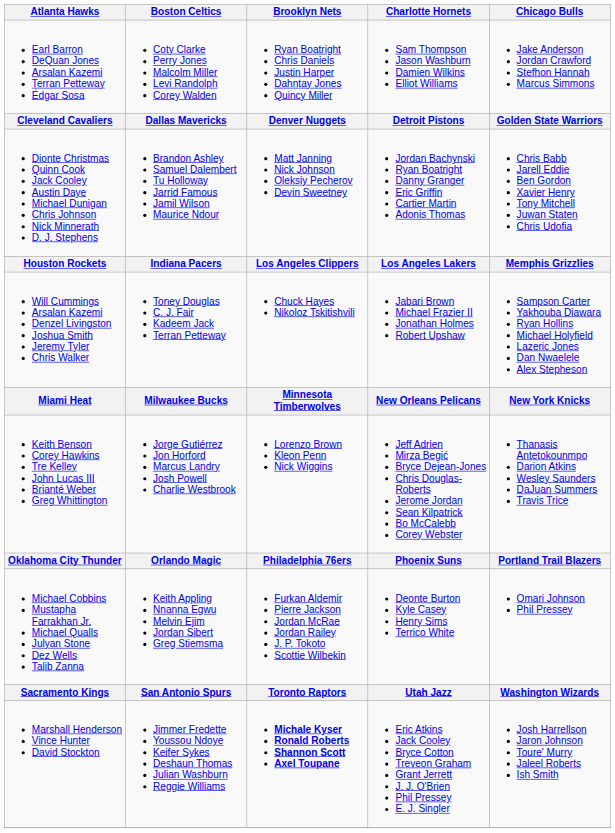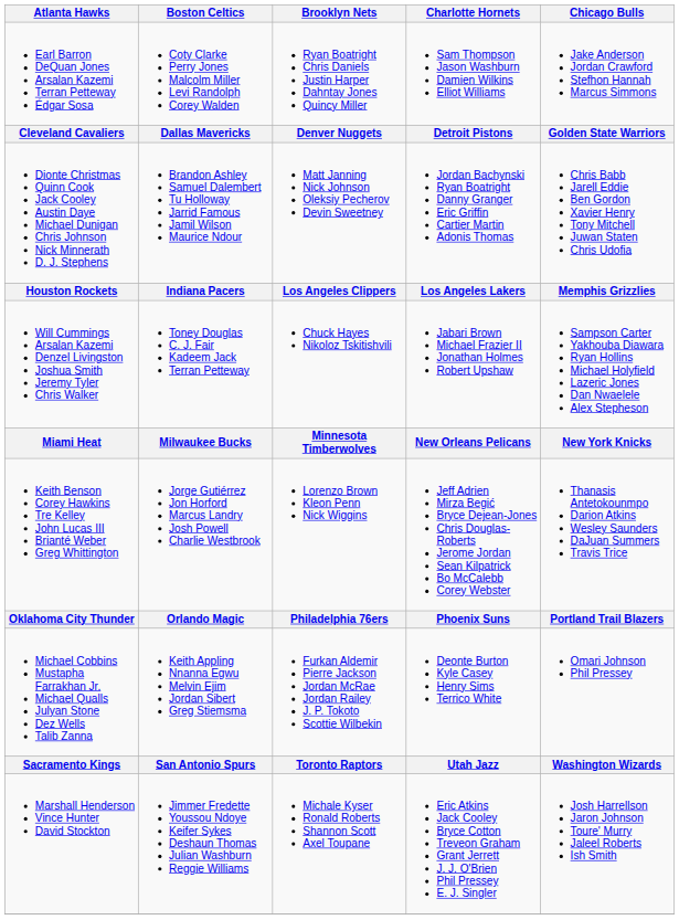 <table class="wikitable">
 <tr>
 <th style="width:185px"><a href='#'>Atlanta Hawks</a></th>
 <th style="width:185px"><a href='#'>Boston Celtics</a></th>
 <th style="width:185px"><a href='#'>Brooklyn Nets</a></th>
 <th style="width:185px"><a href='#'>Charlotte Hornets</a></th>
 <th style="width:185px"><a href='#'>Chicago Bulls</a></th>
 </tr>
 <tr>
 <td valign=top><br><ul><li><a href='#'>Earl Barron</a></li><li><a href='#'>DeQuan Jones</a></li><li><a href='#'>Arsalan Kazemi</a></li><li><a href='#'>Terran Petteway</a></li><li><a href='#'>Édgar Sosa</a></li></ul></td>
 <td valign=top><br><ul><li><a href='#'>Coty Clarke</a></li><li><a href='#'>Perry Jones</a></li><li><a href='#'>Malcolm Miller</a></li><li><a href='#'>Levi Randolph</a></li><li><a href='#'>Corey Walden</a></li></ul></td>
 <td valign=top><br><ul><li><a href='#'>Ryan Boatright</a></li><li><a href='#'>Chris Daniels</a></li><li><a href='#'>Justin Harper</a></li><li><a href='#'>Dahntay Jones</a></li><li><a href='#'>Quincy Miller</a></li></ul></td>
 <td valign=top><br><ul><li><a href='#'>Sam Thompson</a></li><li><a href='#'>Jason Washburn</a></li><li><a href='#'>Damien Wilkins</a></li><li><a href='#'>Elliot Williams</a></li></ul></td>
 <td valign=top><br><ul><li><a href='#'>Jake Anderson</a></li><li><a href='#'>Jordan Crawford</a></li><li><a href='#'>Stefhon Hannah</a></li><li><a href='#'>Marcus Simmons</a></li></ul></td>
 </tr>
 <tr>
 <th style="width:150px"><a href='#'>Cleveland Cavaliers</a></th>
 <th style="width:150px"><a href='#'>Dallas Mavericks</a></th>
 <th style="width:160px"><a href='#'>Denver Nuggets</a></th>
 <th style="width:150px"><a href='#'>Detroit Pistons</a></th>
 <th style="width:150px"><a href='#'>Golden State Warriors</a></th>
 </tr>
 <tr>
 <td valign=top><br><ul><li><a href='#'>Dionte Christmas</a></li><li><a href='#'>Quinn Cook</a></li><li><a href='#'>Jack Cooley</a></li><li><a href='#'>Austin Daye</a></li><li><a href='#'>Michael Dunigan</a></li><li><a href='#'>Chris Johnson</a></li><li><a href='#'>Nick Minnerath</a></li><li><a href='#'>D. J. Stephens</a></li></ul></td>
 <td valign=top><br><ul><li><a href='#'>Brandon Ashley</a></li><li><a href='#'>Samuel Dalembert</a></li><li><a href='#'>Tu Holloway</a></li><li><a href='#'>Jarrid Famous</a></li><li><a href='#'>Jamil Wilson</a></li><li><a href='#'>Maurice Ndour</a></li></ul></td>
 <td valign=top><br><ul><li><a href='#'>Matt Janning</a></li><li><a href='#'>Nick Johnson</a></li><li><a href='#'>Oleksiy Pecherov</a></li><li><a href='#'>Devin Sweetney</a></li></ul></td>
 <td valign=top><br><ul><li><a href='#'>Jordan Bachynski</a></li><li><a href='#'>Ryan Boatright</a></li><li><a href='#'>Danny Granger</a></li><li><a href='#'>Eric Griffin</a></li><li><a href='#'>Cartier Martin</a></li><li><a href='#'>Adonis Thomas</a></li></ul></td>
 <td valign=top><br><ul><li><a href='#'>Chris Babb</a></li><li><a href='#'>Jarell Eddie</a></li><li><a href='#'>Ben Gordon</a></li><li><a href='#'>Xavier Henry</a></li><li><a href='#'>Tony Mitchell</a></li><li><a href='#'>Juwan Staten</a></li><li><a href='#'>Chris Udofia</a></li></ul></td>
 </tr>
 <tr>
 <th style="width:150px"><a href='#'>Houston Rockets</a></th>
 <th style="width:150px"><a href='#'>Indiana Pacers</a></th>
 <th style="width:160px"><a href='#'>Los Angeles Clippers</a></th>
 <th style="width:150px"><a href='#'>Los Angeles Lakers</a></th>
 <th style="width:150px"><a href='#'>Memphis Grizzlies</a></th>
 </tr>
 <tr>
 <td valign=top><br><ul><li><a href='#'>Will Cummings</a></li><li><a href='#'>Arsalan Kazemi</a></li><li><a href='#'>Denzel Livingston</a></li><li><a href='#'>Joshua Smith</a></li><li><a href='#'>Jeremy Tyler</a></li><li><a href='#'>Chris Walker</a></li></ul></td>
 <td valign=top><br><ul><li><a href='#'>Toney Douglas</a></li><li><a href='#'>C. J. Fair</a></li><li><a href='#'>Kadeem Jack</a></li><li><a href='#'>Terran Petteway</a></li></ul></td>
 <td valign=top><br><ul><li><a href='#'>Chuck Hayes</a></li><li><a href='#'>Nikoloz Tskitishvili</a></li></ul></td>
 <td valign=top><br><ul><li><a href='#'>Jabari Brown</a></li><li><a href='#'>Michael Frazier II</a></li><li><a href='#'>Jonathan Holmes</a></li><li><a href='#'>Robert Upshaw</a></li></ul></td>
 <td valign=top><br><ul><li><a href='#'>Sampson Carter</a></li><li><a href='#'>Yakhouba Diawara</a></li><li><a href='#'>Ryan Hollins</a></li><li><a href='#'>Michael Holyfield</a></li><li><a href='#'>Lazeric Jones</a></li><li><a href='#'>Dan Nwaelele</a></li><li><a href='#'>Alex Stepheson</a></li></ul></td>
 </tr>
 <tr>
 <th style="width:150px"><a href='#'>Miami Heat</a></th>
 <th style="width:150px"><a href='#'>Milwaukee Bucks</a></th>
 <th style="width:160px"><a href='#'>Minnesota Timberwolves</a></th>
 <th style="width:150px"><a href='#'>New Orleans Pelicans</a></th>
 <th style="width:120px"><a href='#'>New York Knicks</a></th>
 </tr>
 <tr>
 <td valign=top><br><ul><li><a href='#'>Keith Benson</a></li><li><a href='#'>Corey Hawkins</a></li><li><a href='#'>Tre Kelley</a></li><li><a href='#'>John Lucas III</a></li><li><a href='#'>Brianté Weber</a></li><li><a href='#'>Greg Whittington</a></li></ul></td>
 <td valign=top><br><ul><li><a href='#'>Jorge Gutiérrez</a></li><li><a href='#'>Jon Horford</a></li><li><a href='#'>Marcus Landry</a></li><li><a href='#'>Josh Powell</a></li><li><a href='#'>Charlie Westbrook</a></li></ul></td>
 <td valign=top><br><ul><li><a href='#'>Lorenzo Brown</a></li><li><a href='#'>Kleon Penn</a></li><li><a href='#'>Nick Wiggins</a></li></ul></td>
 <td valign=top><br><ul><li><a href='#'>Jeff Adrien</a></li><li><a href='#'>Mirza Begić</a></li><li><a href='#'>Bryce Dejean-Jones</a></li><li><a href='#'>Chris Douglas-Roberts</a></li><li><a href='#'>Jerome Jordan</a></li><li><a href='#'>Sean Kilpatrick</a></li><li><a href='#'>Bo McCalebb</a></li><li><a href='#'>Corey Webster</a></li></ul></td>
 <td valign=top><br><ul><li><a href='#'>Thanasis Antetokounmpo</a></li><li><a href='#'>Darion Atkins</a></li><li><a href='#'>Wesley Saunders</a></li><li><a href='#'>DaJuan Summers</a></li><li><a href='#'>Travis Trice</a></li></ul></td>
 </tr>
 <tr>
 <th style="width:150px"><a href='#'>Oklahoma City Thunder</a></th>
 <th style="width:150px"><a href='#'>Orlando Magic</a></th>
 <th style="width:160px"><a href='#'>Philadelphia 76ers</a></th>
 <th style="width:150px"><a href='#'>Phoenix Suns</a></th>
 <th style="width:150px"><a href='#'>Portland Trail Blazers</a></th>
 </tr>
 <tr>
 <td valign=top><br><ul><li><a href='#'>Michael Cobbins</a></li><li><a href='#'>Mustapha Farrakhan Jr.</a></li><li><a href='#'>Michael Qualls</a></li><li><a href='#'>Julyan Stone</a></li><li><a href='#'>Dez Wells</a></li><li><a href='#'>Talib Zanna</a></li></ul></td>
 <td valign=top><br><ul><li><a href='#'>Keith Appling</a></li><li><a href='#'>Nnanna Egwu</a></li><li><a href='#'>Melvin Ejim</a></li><li><a href='#'>Jordan Sibert</a></li><li><a href='#'>Greg Stiemsma</a></li></ul></td>
 <td valign=top><br><ul><li><a href='#'>Furkan Aldemir</a></li><li><a href='#'>Pierre Jackson</a></li><li><a href='#'>Jordan McRae</a></li><li><a href='#'>Jordan Railey</a></li><li><a href='#'>J. P. Tokoto</a></li><li><a href='#'>Scottie Wilbekin</a></li></ul></td>
 <td valign=top><br><ul><li><a href='#'>Deonte Burton</a></li><li><a href='#'>Kyle Casey</a></li><li><a href='#'>Henry Sims</a></li><li><a href='#'>Terrico White</a></li></ul></td>
 <td valign=top><br><ul><li><a href='#'>Omari Johnson</a></li><li><a href='#'>Phil Pressey</a></li></ul></td>
 </tr>
 <tr>
 <th style="width:150px"><a href='#'>Sacramento Kings</a></th>
 <th style="width:150px"><a href='#'>San Antonio Spurs</a></th>
 <th style="width:160px"><a href='#'>Toronto Raptors</a></th>
 <th style="width:150px"><a href='#'>Utah Jazz</a></th>
 <th style="width:150px"><a href='#'>Washington Wizards</a></th>
 </tr>
 <tr>
 <td valign=top><br><ul><li><a href='#'>Marshall Henderson</a></li><li><a href='#'>Vince Hunter</a></li><li><a href='#'>David Stockton</a></li></ul></td>
 <td valign=top><br><ul><li><a href='#'>Jimmer Fredette</a></li><li><a href='#'>Youssou Ndoye</a></li><li><a href='#'>Keifer Sykes</a></li><li><a href='#'>Deshaun Thomas</a></li><li><a href='#'>Julian Washburn</a></li><li><a href='#'>Reggie Williams</a></li></ul></td>
-<td valign=top><strong><br><ul><li><a href='#'>Michale Kyser</a></li><li><a href='#'>Ronald Roberts</a></li><li><a href='#'>Shannon Scott</a></li><li><a href='#'>Axel Toupane</a></li></ul></strong></td>
+<td valign=top><br><ul><li><a href='#'>Michale Kyser</a></li><li><a href='#'>Ronald Roberts</a></li><li><a href='#'>Shannon Scott</a></li><li><a href='#'>Axel Toupane</a></li></ul></td>
 <td valign=top><br><ul><li><a href='#'>Eric Atkins</a></li><li><a href='#'>Jack Cooley</a></li><li><a href='#'>Bryce Cotton</a></li><li><a href='#'>Treveon Graham</a></li><li><a href='#'>Grant Jerrett</a></li><li><a href='#'>J. J. O'Brien</a></li><li><a href='#'>Phil Pressey</a></li><li><a href='#'>E. J. Singler</a></li></ul></td>
 <td valign=top><br><ul><li><a href='#'>Josh Harrellson</a></li><li><a href='#'>Jaron Johnson</a></li><li><a href='#'>Toure' Murry</a></li><li><a href='#'>Jaleel Roberts</a></li><li><a href='#'>Ish Smith</a></li></ul></td>
 </tr>
 <tr>
 </tr>
 </table>
